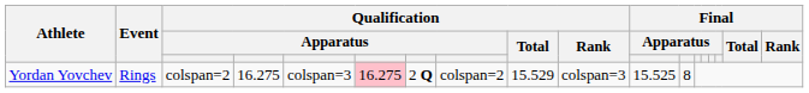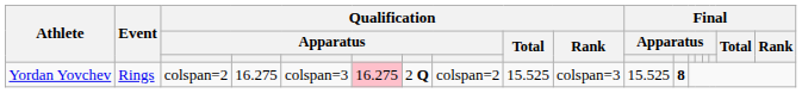 <table class="wikitable" style="font-size:90%">
 <tr>
 <th rowspan=3>Athlete</th>
 <th rowspan=3>Event</th>
 <th colspan =8>Qualification</th>
 <th colspan =8>Final</th>
 </tr>
 <tr style="font-size:95%">
 <th colspan=6>Apparatus</th>
 <th rowspan=2>Total</th>
 <th rowspan=2>Rank</th>
 <th colspan=6>Apparatus</th>
 <th rowspan=2>Total</th>
 <th rowspan=2>Rank</th>
 </tr>
 <tr style="font-size:95%">
 <th></th>
 <th></th>
 <th></th>
 <th></th>
 <th></th>
 <th></th>
 <th></th>
 <th></th>
 <th></th>
 <th></th>
 <th></th>
 <th></th>
 </tr>
 <tr align=center>
 <td align=left><a href='#'>Yordan Yovchev</a></td>
 <td align=left><a href='#'>Rings</a></td>
 <td>colspan=2 </td>
 <td>16.275</td>
 <td>colspan=3 </td>
 <td style="background: pink;">16.275</td>
 <td>2 <strong>Q</strong></td>
 <td>colspan=2 </td>
-<td>15.529</td>
+<td>15.525</td>
 <td>colspan=3 </td>
 <td>15.525</td>
-<td>8</td>
+<td><strong>8</strong></td>
 </tr>
 </table>
